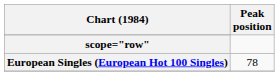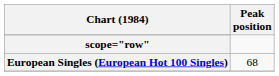 <table class="wikitable sortable plainrowheaders" style="text-align:center">
 <tr>
 <th scope="col">Chart (1984)</th>
 <th scope="col">Peak<br>position</th>
 </tr>
 <tr>
 </tr>
 <tr>
 <th>scope="row"</th>
 </tr>
 <tr>
 <th scope="row">European Singles (<a href='#'>European Hot 100 Singles</a>)</th>
-<td>78</td>
+<td>68</td>
 </tr>
 <tr>
 </tr>
 </table>
